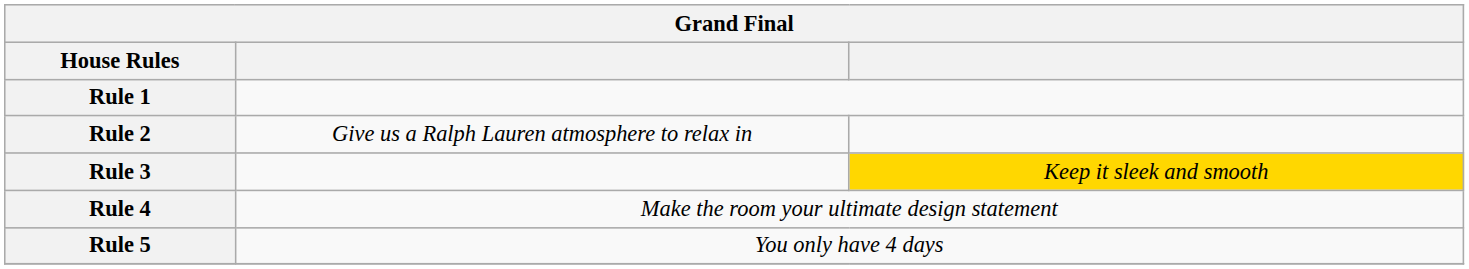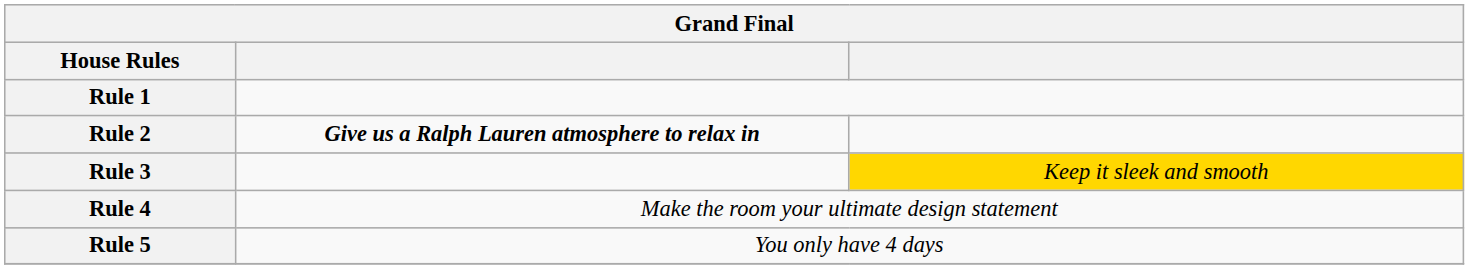 <table class="wikitable plainrowheaders" style="text-align:center; font-size:90%; width:65em;">
 <tr>
 <th colspan="3" >Grand Final</th>
 </tr>
 <tr>
 <th style="width:15%;">House Rules</th>
 <th style="width:40%;"></th>
 <th style="width:40%;"></th>
 </tr>
 <tr>
 <th>Rule 1</th>
 <td colspan="2"></td>
 </tr>
 <tr>
 <th>Rule 2</th>
-<td><em>Give us a Ralph Lauren atmosphere to relax in</em></td>
+<td><strong><em>Give us a Ralph Lauren atmosphere to relax in</em></strong></td>
 <td></td>
 </tr>
 <tr>
 <th>Rule 3</th>
 <td></td>
 <td style="background: gold;"><em>Keep it sleek and smooth</em></td>
 </tr>
 <tr>
 <th>Rule 4</th>
 <td colspan="2"><em>Make the room your ultimate design statement</em></td>
 </tr>
 <tr>
 <th>Rule 5</th>
 <td colspan="2"><em>You only have 4 days</em></td>
 </tr>
 <tr>
 </tr>
 </table>
